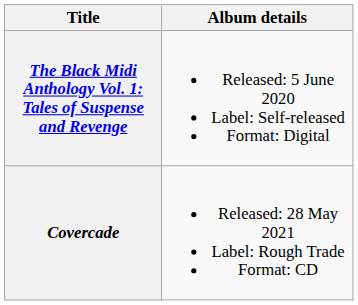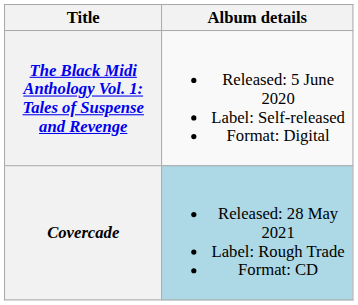 <table class="wikitable plainrowheaders" style="text-align:center;">
 <tr>
 <th scope="col" style="width:9em;">Title</th>
 <th scope="col" style="width:11em;">Album details</th>
 </tr>
 <tr>
 <th scope="row"><em><a href='#'>The Black Midi Anthology Vol. 1: Tales of Suspense and Revenge</a></em></th>
 <td><br><ul><li>Released: 5 June 2020</li><li>Label: Self-released</li><li>Format: Digital</li></ul></td>
 </tr>
 <tr>
 <th scope="row"><em>Covercade</em></th>
-<td><br><ul><li>Released: 28 May 2021</li><li>Label: Rough Trade</li><li>Format: CD</li></ul></td>
+<td style="background: lightblue;"><br><ul><li>Released: 28 May 2021</li><li>Label: Rough Trade</li><li>Format: CD</li></ul></td>
 </tr>
 </table>
